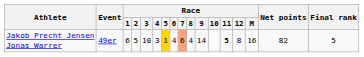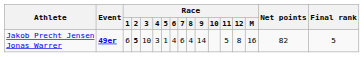 <table class="wikitable" style="font-size:90%">
 <tr>
 <th rowspan="2">Athlete</th>
 <th rowspan="2">Event</th>
 <th colspan=13>Race</th>
 <th rowspan=2>Net points</th>
 <th rowspan=2>Final rank</th>
 </tr>
 <tr style="font-size:95%">
 <th>1</th>
 <th>2</th>
 <th>3</th>
 <th>4</th>
 <th>5</th>
 <th>6</th>
 <th>7</th>
 <th>8</th>
 <th>9</th>
 <th>10</th>
 <th>11</th>
 <th>12</th>
 <th>M</th>
 </tr>
 <tr align=center>
 <td align=left><a href='#'>Jakob Precht Jensen</a><br><a href='#'>Jonas Warrer</a></td>
-<td align=left><a href='#'>49er</a></td>
+<td align=left><strong><a href='#'>49er</a></strong></td>
 <td>6</td>
-<td>5</td>
+<td><strong>5</strong></td>
 <td>10</td>
 <td>3</td>
-<td style="background: gold;">1</td>
+<td>1</td>
 <td>4</td>
-<td style="background: lightsalmon;">6</td>
+<td>6</td>
 <td>4</td>
 <td>14</td>
 <td></td>
-<td><strong>5</strong></td>
+<td>5</td>
 <td>8</td>
 <td>16</td>
 <td>82</td>
 <td>5</td>
 </tr>
 </table>
